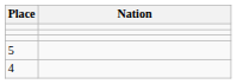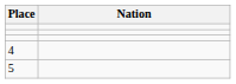 <table class=wikitable style=text-align:left>
 <tr>
 <th width=35>Place</th>
 <th width=250>Nation</th>
 </tr>
 <tr>
 <td></td>
 <td style=text-align:left></td>
 </tr>
 <tr>
 <td></td>
 <td style=text-align:left></td>
 </tr>
 <tr>
 <td></td>
 <td style=text-align:left></td>
 </tr>
 <tr>
+<td style=text-align:left>4</td>
+<td></td>
+</tr>
+<tr>
 <td style=text-align:left>5</td>
 <td></td>
 </tr>
-<tr>
-<td style=text-align:left>4</td>
-<td></td>
-</tr>
 </table>
